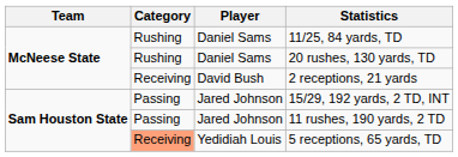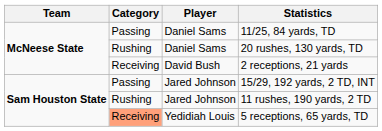 <table class="wikitable" style="float: left;">
 <tr>
 <th>Team</th>
 <th>Category</th>
 <th>Player</th>
 <th>Statistics</th>
 </tr>
 <tr>
 <td rowspan=3><strong>McNeese State</strong></td>
-<td>Rushing</td>
+<td>Passing</td>
 <td>Daniel Sams</td>
 <td>11/25, 84 yards, TD</td>
 </tr>
 <tr>
 <td>Rushing</td>
 <td>Daniel Sams</td>
 <td>20 rushes, 130 yards, TD</td>
 </tr>
 <tr>
 <td>Receiving</td>
 <td>David Bush</td>
 <td>2 receptions, 21 yards</td>
 </tr>
 <tr>
 <td rowspan=3><strong>Sam Houston State</strong></td>
 <td>Passing</td>
 <td>Jared Johnson</td>
 <td>15/29, 192 yards, 2 TD, INT</td>
 </tr>
 <tr>
-<td>Passing</td>
+<td>Rushing</td>
 <td>Jared Johnson</td>
 <td>11 rushes, 190 yards, 2 TD</td>
 </tr>
 <tr>
 <td style="background: lightsalmon;">Receiving</td>
 <td>Yedidiah Louis</td>
 <td>5 receptions, 65 yards, TD</td>
 </tr>
 </table>
